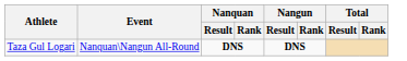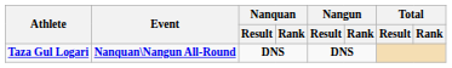 <table class=wikitable style="font-size:90%">
 <tr>
 <th rowspan="2">Athlete</th>
 <th rowspan="2">Event</th>
 <th colspan="2">Nanquan</th>
 <th colspan="2">Nangun</th>
 <th colspan="2">Total</th>
 </tr>
 <tr>
 <th>Result</th>
 <th>Rank</th>
 <th>Result</th>
 <th>Rank</th>
 <th>Result</th>
 <th>Rank</th>
 </tr>
 <tr>
-<td><a href='#'>Taza Gul Logari</a></td>
-<td><a href='#'>Nanquan\Nangun All-Round</a></td>
+<td><strong><a href='#'>Taza Gul Logari</a></strong></td>
+<td><strong><a href='#'>Nanquan\Nangun All-Round</a></strong></td>
 <td align=center colspan=2><strong>DNS</strong></td>
 <td align=center colspan=2><strong>DNS</strong></td>
 <td colspan="2" bgcolor="wheat"></td>
 </tr>
 </table>
